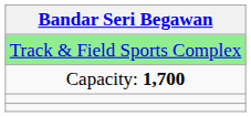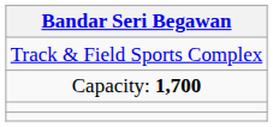 <table class="wikitable" style="text-align:center;margin:1em auto;">
 <tr>
 <th> <a href='#'>Bandar Seri Begawan</a></th>
 </tr>
 <tr>
-<td style="background: lightgreen;"><a href='#'>Track & Field Sports Complex</a></td>
+<td><a href='#'>Track & Field Sports Complex</a></td>
 </tr>
 <tr>
 <td>Capacity: <strong>1,700</strong></td>
 </tr>
 <tr>
 <td></td>
 </tr>
 <tr>
 <td></td>
 </tr>
 </table>
